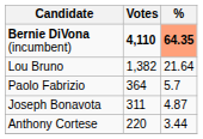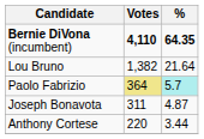 <table class="wikitable">
 <tr>
 <th bgcolor="#DDDDFF" width="150px">Candidate</th>
 <th bgcolor="#DDDDFF">Votes</th>
 <th bgcolor="#DDDDFF">%</th>
 </tr>
 <tr>
 <td><strong>Bernie DiVona</strong> (incumbent)</td>
 <td><strong>4,110</strong></td>
-<td style="background: lightsalmon;"><strong>64.35</strong></td>
+<td><strong>64.35</strong></td>
 </tr>
 <tr>
 <td>Lou Bruno</td>
 <td>1,382</td>
 <td>21.64</td>
 </tr>
 <tr>
 <td>Paolo Fabrizio</td>
-<td>364</td>
-<td>5.7</td>
+<td style="background: khaki;">364</td>
+<td style="background: paleturquoise;">5.7</td>
 </tr>
 <tr>
 <td>Joseph Bonavota</td>
 <td>311</td>
 <td>4.87</td>
 </tr>
 <tr>
 <td>Anthony Cortese</td>
 <td>220</td>
 <td>3.44</td>
 </tr>
 <tr>
 </tr>
 </table>
